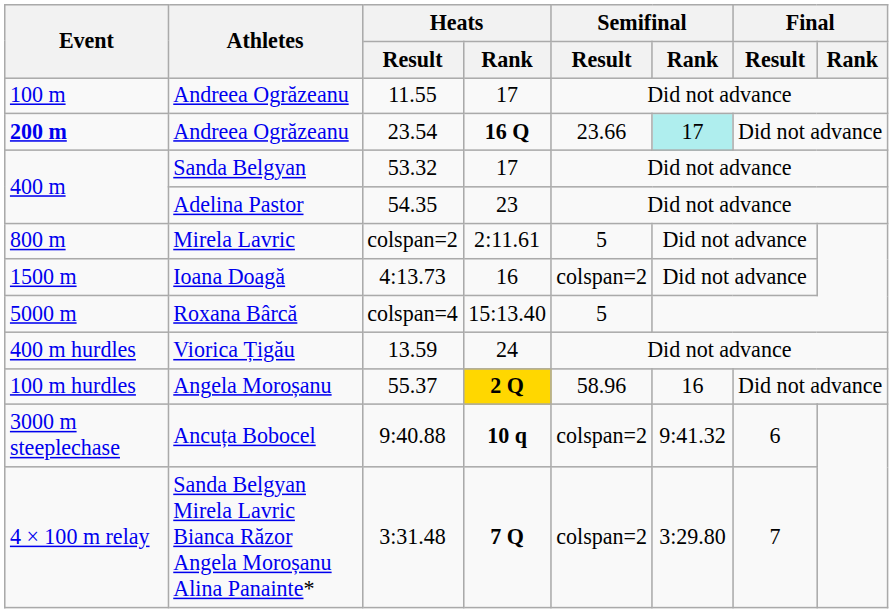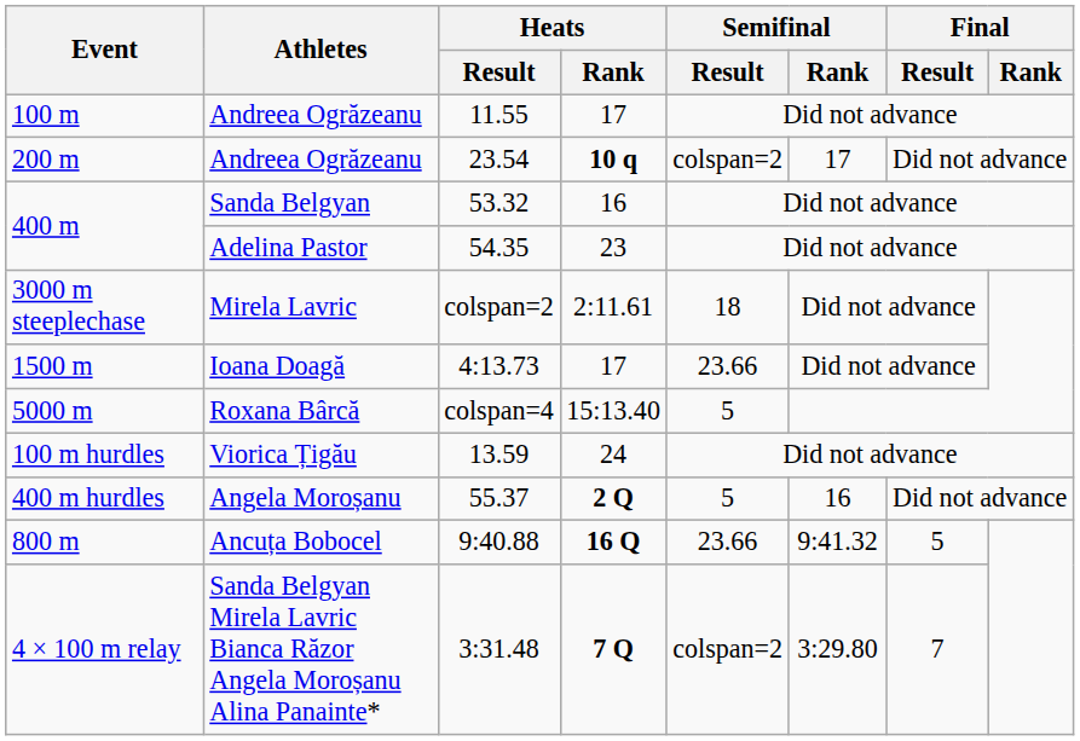 <table class="wikitable" border="1" style="font-size:90%">
 <tr>
 <th rowspan="2" width=100>Event</th>
 <th rowspan="2" width=120>Athletes</th>
 <th colspan="2">Heats</th>
 <th colspan="2">Semifinal</th>
 <th colspan="2">Final</th>
 </tr>
 <tr>
 <th>Result</th>
 <th>Rank</th>
 <th>Result</th>
 <th>Rank</th>
 <th>Result</th>
 <th>Rank</th>
 </tr>
 <tr>
 <td><a href='#'>100 m</a></td>
 <td><a href='#'>Andreea Ogrăzeanu</a></td>
 <td align=center>11.55</td>
 <td align=center>17</td>
 <td colspan="4" align=center>Did not advance</td>
 </tr>
 <tr>
-<td><strong><a href='#'>200 m</a></strong></td>
+<td><a href='#'>200 m</a></td>
 <td><a href='#'>Andreea Ogrăzeanu</a></td>
 <td align=center>23.54</td>
-<td align=center><strong>16 Q</strong></td>
-<td align=center>23.66</td>
-<td align=center style="background: paleturquoise;">17</td>
+<td align=center><strong>10 q</strong></td>
+<td>colspan=2 </td>
+<td align=center>17</td>
 <td colspan="2" align=center>Did not advance</td>
 </tr>
 <tr>
 <td rowspan="2"><a href='#'>400 m</a></td>
 <td><a href='#'>Sanda Belgyan</a></td>
 <td align=center>53.32</td>
-<td align=center>17</td>
+<td align=center>16</td>
 <td colspan="4" align=center>Did not advance</td>
 </tr>
 <tr>
 <td><a href='#'>Adelina Pastor</a></td>
 <td align=center>54.35</td>
 <td align=center>23</td>
 <td colspan="4" align=center>Did not advance</td>
 </tr>
 <tr>
-<td><a href='#'>800 m</a></td>
+<td><a href='#'>3000 m steeplechase</a></td>
 <td><a href='#'>Mirela Lavric</a></td>
 <td>colspan=2 </td>
 <td align=center>2:11.61</td>
-<td align=center>5</td>
+<td align=center>18</td>
 <td colspan="2" align=center>Did not advance</td>
 </tr>
 <tr>
 <td><a href='#'>1500 m</a></td>
 <td><a href='#'>Ioana Doagă</a></td>
 <td align=center>4:13.73</td>
-<td align=center>16</td>
-<td>colspan=2 </td>
+<td align=center>17</td>
+<td align=center>23.66</td>
 <td colspan="2" align=center>Did not advance</td>
 </tr>
 <tr>
 <td><a href='#'>5000 m</a></td>
 <td><a href='#'>Roxana Bârcă</a></td>
 <td>colspan=4 </td>
 <td align=center>15:13.40</td>
 <td align=center>5</td>
 </tr>
 <tr>
-<td><a href='#'>400 m hurdles</a></td>
+<td><a href='#'>100 m hurdles</a></td>
 <td><a href='#'>Viorica Țigău</a></td>
 <td align=center>13.59</td>
 <td align=center>24</td>
 <td colspan="4" align=center>Did not advance</td>
 </tr>
 <tr>
-<td><a href='#'>100 m hurdles</a></td>
+<td><a href='#'>400 m hurdles</a></td>
 <td><a href='#'>Angela Moroșanu</a></td>
 <td align=center>55.37</td>
-<td align=center style="background: gold;"><strong>2 Q</strong></td>
-<td align=center>58.96</td>
+<td align=center><strong>2 Q</strong></td>
+<td align=center>5</td>
 <td align=center>16</td>
 <td colspan="2" align=center>Did not advance</td>
 </tr>
 <tr>
-<td><a href='#'>3000 m steeplechase</a></td>
+<td><a href='#'>800 m</a></td>
 <td><a href='#'>Ancuța Bobocel</a></td>
 <td align=center>9:40.88</td>
-<td align=center><strong>10 q</strong></td>
-<td>colspan=2 </td>
+<td align=center><strong>16 Q</strong></td>
+<td align=center>23.66</td>
 <td align=center>9:41.32</td>
-<td align=center>6</td>
+<td align=center>5</td>
 </tr>
 <tr>
 <td><a href='#'>4 × 100 m relay</a></td>
 <td><a href='#'>Sanda Belgyan</a><br><a href='#'>Mirela Lavric </a><br><a href='#'>Bianca Răzor</a><br><a href='#'>Angela Moroșanu</a><br><a href='#'>Alina Panainte</a>*</td>
 <td align=center>3:31.48</td>
 <td align=center><strong>7 Q</strong></td>
 <td>colspan=2 </td>
 <td align=center>3:29.80</td>
 <td align=center>7</td>
 </tr>
 </table>
